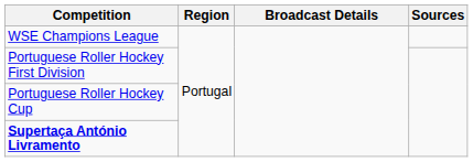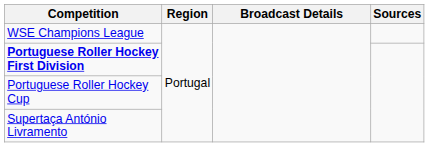 <table class="wikitable">
 <tr>
 <th width="200">Competition</th>
 <th>Region</th>
 <th width="200">Broadcast Details</th>
 <th>Sources</th>
 </tr>
 <tr>
 <td><a href='#'>WSE Champions League</a></td>
 <td rowspan="4">Portugal</td>
 <td rowspan="4"></td>
 <td></td>
 </tr>
 <tr>
-<td><a href='#'>Portuguese Roller Hockey First Division</a></td>
+<td><strong><a href='#'>Portuguese Roller Hockey First Division</a></strong></td>
 <td rowspan="3"></td>
 </tr>
 <tr>
 <td><a href='#'>Portuguese Roller Hockey Cup</a></td>
 </tr>
 <tr>
-<td><strong><a href='#'>Supertaça António Livramento</a></strong></td>
+<td><a href='#'>Supertaça António Livramento</a></td>
 </tr>
 </table>
